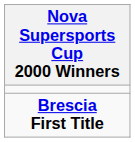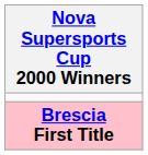 <table class="wikitable" style="text-align: center; margin: 0 auto; width: 20%">
 <tr>
 <th><a href='#'>Nova Supersports Cup</a><br>2000 Winners</th>
 </tr>
 <tr>
 <td></td>
 </tr>
 <tr>
-<td><strong><a href='#'>Brescia</a></strong><br><strong>First Title</strong></td>
+<td style="background: pink;"><strong><a href='#'>Brescia</a></strong><br><strong>First Title</strong></td>
 </tr>
 </table>
